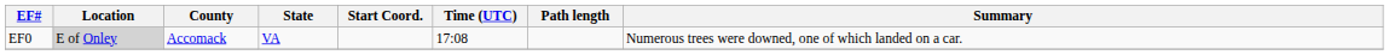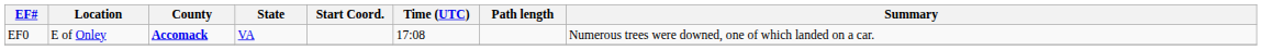 <table class="wikitable sortable" style="width:100%;">
 <tr>
 <th scope="col"  style="width:3%; text-align:center;"><a href='#'>EF#</a></th>
 <th scope="col"  style="width:7%; text-align:center;" class="unsortable">Location</th>
 <th scope="col"  style="width:6%; text-align:center;" class="unsortable">County</th>
 <th scope="col"  style="width:5%; text-align:center;">State</th>
 <th scope="col"  style="width:6%; text-align:center;">Start Coord.</th>
 <th scope="col"  style="width:6%; text-align:center;">Time (<a href='#'>UTC</a>)</th>
 <th scope="col"  style="width:6%; text-align:center;">Path length</th>
 <th scope="col" class="unsortable" style="width:48%; text-align:center;">Summary</th>
 </tr>
 <tr>
 <td>EF0</td>
-<td style="background: lightgrey;">E of <a href='#'>Onley</a></td>
-<td><a href='#'>Accomack</a></td>
+<td>E of <a href='#'>Onley</a></td>
+<td><strong><a href='#'>Accomack</a></strong></td>
 <td><a href='#'>VA</a></td>
 <td></td>
 <td>17:08</td>
 <td></td>
 <td>Numerous trees were downed, one of which landed on a car.</td>
 </tr>
 <tr>
 </tr>
 </table>
